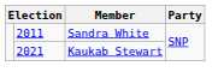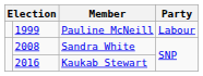 <table class="wikitable">
 <tr>
 <th colspan="2">Election</th>
 <th>Member</th>
 <th>Party</th>
 </tr>
 <tr>
+<td style="background-color: "></td>
+<td><a href='#'>1999</a></td>
+<td><a href='#'>Pauline McNeill</a></td>
+<td><a href='#'>Labour</a></td>
+</tr>
+<tr>
 <td rowspan=2 style="background-color: "></td>
-<td><a href='#'>2011</a></td>
+<td><a href='#'>2008</a></td>
 <td><a href='#'>Sandra White</a></td>
 <td rowspan=2><a href='#'>SNP</a></td>
 </tr>
 <tr>
-<td><a href='#'>2021</a></td>
+<td><a href='#'>2016</a></td>
 <td><a href='#'>Kaukab Stewart</a></td>
 </tr>
 </table>
